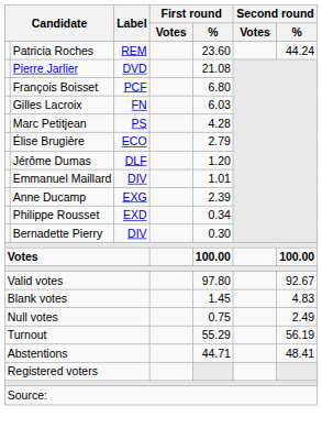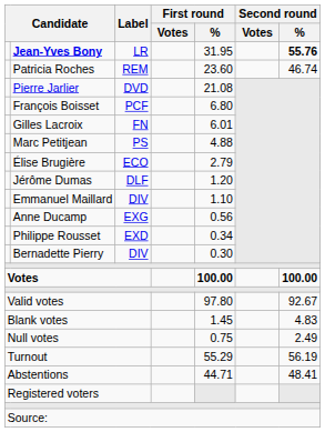 <table class="wikitable" style="text-align:right;font-size:95%;">
 <tr>
 <th colspan="2" rowspan="2">Candidate</th>
 <th rowspan="2">Label</th>
 <th colspan="2">First round</th>
 <th colspan="2">Second round</th>
 </tr>
 <tr>
 <th style="width:50px;">Votes</th>
 <th style="width:45px;">%</th>
 <th style="width:50px;">Votes</th>
 <th style="width:45px;">%</th>
 </tr>
 <tr>
 <td style="color:inherit;background:"></td>
+<td style="text-align:left;"><strong><a href='#'>Jean-Yves Bony</a></strong></td>
+<td><a href='#'>LR</a></td>
+<td></td>
+<td>31.95</td>
+<td><strong></strong></td>
+<td><strong>55.76</strong></td>
+</tr>
+<tr>
+<td style="color:inherit;background:"></td>
 <td style="text-align:left;">Patricia Roches</td>
 <td><a href='#'>REM</a></td>
 <td></td>
 <td>23.60</td>
 <td></td>
-<td>44.24</td>
+<td>46.74</td>
 </tr>
 <tr>
 <td style="color:inherit;background:"></td>
 <td style="text-align:left;"><a href='#'>Pierre Jarlier</a></td>
 <td><a href='#'>DVD</a></td>
 <td></td>
 <td>21.08</td>
 <td colspan="2" rowspan="10" style="background:#E9E9E9;"></td>
 </tr>
 <tr>
 <td style="color:inherit;background:"></td>
 <td style="text-align:left;">François Boisset</td>
 <td><a href='#'>PCF</a></td>
 <td></td>
 <td>6.80</td>
 </tr>
 <tr>
 <td style="color:inherit;background:"></td>
 <td style="text-align:left;">Gilles Lacroix</td>
 <td><a href='#'>FN</a></td>
 <td></td>
-<td>6.03</td>
+<td>6.01</td>
 </tr>
 <tr>
 <td style="color:inherit;background:"></td>
 <td style="text-align:left;">Marc Petitjean</td>
 <td><a href='#'>PS</a></td>
 <td></td>
-<td>4.28</td>
+<td>4.88</td>
 </tr>
 <tr>
 <td style="color:inherit;background:"></td>
 <td style="text-align:left;">Élise Brugière</td>
 <td><a href='#'>ECO</a></td>
 <td></td>
 <td>2.79</td>
 </tr>
 <tr>
 <td style="color:inherit;background:"></td>
 <td style="text-align:left;">Jérôme Dumas</td>
 <td><a href='#'>DLF</a></td>
 <td></td>
 <td>1.20</td>
 </tr>
 <tr>
 <td style="color:inherit;background:"></td>
 <td style="text-align:left;">Emmanuel Maillard</td>
 <td><a href='#'>DIV</a></td>
 <td></td>
-<td>1.01</td>
+<td>1.10</td>
 </tr>
 <tr>
 <td style="color:inherit;background:"></td>
 <td style="text-align:left;">Anne Ducamp</td>
 <td><a href='#'>EXG</a></td>
 <td></td>
-<td>2.39</td>
+<td>0.56</td>
 </tr>
 <tr>
 <td style="color:inherit;background:"></td>
 <td style="text-align:left;">Philippe Rousset</td>
 <td><a href='#'>EXD</a></td>
 <td></td>
 <td>0.34</td>
 </tr>
 <tr>
 <td style="color:inherit;background:"></td>
 <td style="text-align:left;">Bernadette Pierry</td>
 <td><a href='#'>DIV</a></td>
 <td></td>
 <td>0.30</td>
 </tr>
 <tr>
 <td colspan="7" style="background:#E9E9E9;"></td>
 </tr>
 <tr style="font-weight:bold;">
 <td colspan="3" style="text-align:left;">Votes</td>
 <td></td>
 <td>100.00</td>
 <td></td>
 <td>100.00</td>
 </tr>
 <tr>
 <td colspan="7" style="background:#E9E9E9;"></td>
 </tr>
 <tr>
 <td colspan="3" style="text-align:left;">Valid votes</td>
 <td></td>
 <td>97.80</td>
 <td></td>
 <td>92.67</td>
 </tr>
 <tr>
 <td colspan="3" style="text-align:left;">Blank votes</td>
 <td></td>
 <td>1.45</td>
 <td></td>
 <td>4.83</td>
 </tr>
 <tr>
 <td colspan="3" style="text-align:left;">Null votes</td>
 <td></td>
 <td>0.75</td>
 <td></td>
 <td>2.49</td>
 </tr>
 <tr>
 <td colspan="3" style="text-align:left;">Turnout</td>
 <td></td>
 <td>55.29</td>
 <td></td>
 <td>56.19</td>
 </tr>
 <tr>
 <td colspan="3" style="text-align:left;">Abstentions</td>
 <td></td>
 <td>44.71</td>
 <td></td>
 <td>48.41</td>
 </tr>
 <tr>
 <td colspan="3" style="text-align:left;">Registered voters</td>
 <td></td>
 <td style="color:inherit;background:#E9E9E9;"></td>
 <td></td>
 <td style="color:inherit;background:#E9E9E9;"></td>
 </tr>
 <tr>
 <td colspan="7" style="background:#E9E9E9;"></td>
 </tr>
 <tr>
 <td colspan="7" style="text-align:left;">Source: </td>
 </tr>
 </table>
